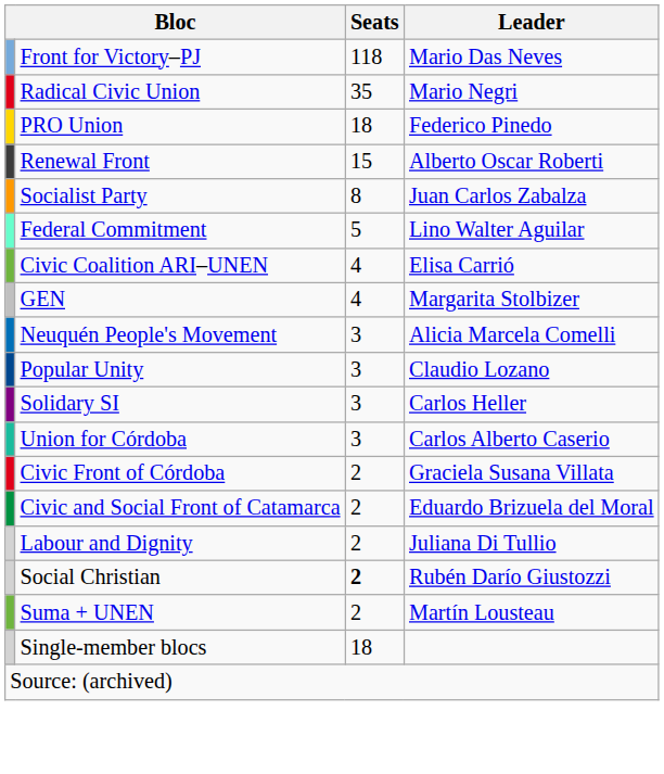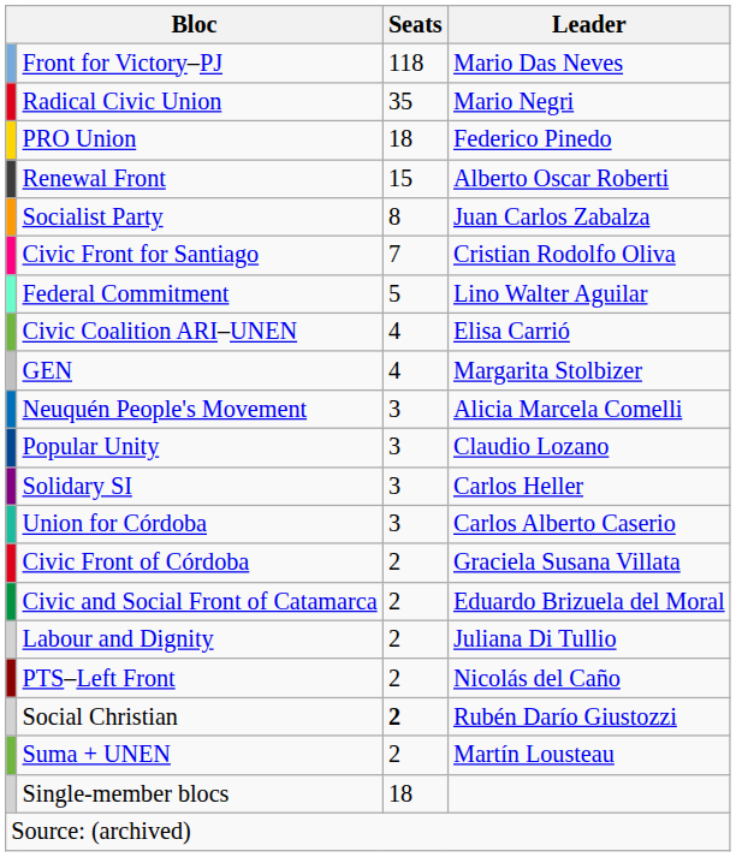 <table class="wikitable">
 <tr>
 <th colspan="2">Bloc</th>
 <th>Seats</th>
 <th>Leader</th>
 </tr>
 <tr>
 <td bgcolor="#75AADB"></td>
 <td><a href='#'>Front for Victory</a>–<a href='#'>PJ</a></td>
 <td>118</td>
 <td><a href='#'>Mario Das Neves</a></td>
 </tr>
 <tr>
 <td bgcolor="#E10019"></td>
 <td><a href='#'>Radical Civic Union</a></td>
 <td>35</td>
 <td><a href='#'>Mario Negri</a></td>
 </tr>
 <tr>
 <td bgcolor="#ffd700"></td>
 <td><a href='#'>PRO Union</a></td>
 <td>18</td>
 <td><a href='#'>Federico Pinedo</a></td>
 </tr>
 <tr>
 <td bgcolor="#3C3C3C"></td>
 <td><a href='#'>Renewal Front</a></td>
 <td>15</td>
 <td><a href='#'>Alberto Oscar Roberti</a></td>
 </tr>
 <tr>
 <td bgcolor="#FF9900"></td>
 <td><a href='#'>Socialist Party</a></td>
 <td>8</td>
 <td><a href='#'>Juan Carlos Zabalza</a></td>
+</tr>
+<tr>
+<td bgcolor="#FF0080"></td>
+<td><a href='#'>Civic Front for Santiago</a></td>
+<td>7</td>
+<td><a href='#'>Cristian Rodolfo Oliva</a></td>
 </tr>
 <tr>
 <td bgcolor="#66FFCC"></td>
 <td><a href='#'>Federal Commitment</a></td>
 <td>5</td>
 <td><a href='#'>Lino Walter Aguilar</a></td>
 </tr>
 <tr>
 <td bgcolor="#6fb53e"></td>
 <td><a href='#'>Civic Coalition ARI</a>–<a href='#'>UNEN</a></td>
 <td>4</td>
 <td><a href='#'>Elisa Carrió</a></td>
 </tr>
 <tr>
 <td bgcolor="#C0C0C0"></td>
 <td><a href='#'>GEN</a></td>
 <td>4</td>
 <td><a href='#'>Margarita Stolbizer</a></td>
 </tr>
 <tr>
 <td bgcolor="#0070b8"></td>
 <td><a href='#'>Neuquén People's Movement</a></td>
 <td>3</td>
 <td><a href='#'>Alicia Marcela Comelli</a></td>
 </tr>
 <tr>
 <td bgcolor="#00478F"></td>
 <td><a href='#'>Popular Unity</a></td>
 <td>3</td>
 <td><a href='#'>Claudio Lozano</a></td>
 </tr>
 <tr>
 <td bgcolor="purple"></td>
 <td><a href='#'>Solidary SI</a></td>
 <td>3</td>
 <td><a href='#'>Carlos Heller</a></td>
 </tr>
 <tr>
 <td bgcolor="#19bc9d"></td>
 <td><a href='#'>Union for Córdoba</a></td>
 <td>3</td>
 <td><a href='#'>Carlos Alberto Caserio</a></td>
 </tr>
 <tr>
 <td bgcolor="#E10019"></td>
 <td><a href='#'>Civic Front of Córdoba</a></td>
 <td>2</td>
 <td><a href='#'>Graciela Susana Villata</a></td>
 </tr>
 <tr>
 <td bgcolor="#009241"></td>
 <td><a href='#'>Civic and Social Front of Catamarca</a></td>
 <td>2</td>
 <td><a href='#'>Eduardo Brizuela del Moral</a></td>
 </tr>
 <tr>
 <td bgcolor="#d3d3d3"></td>
 <td><a href='#'>Labour and Dignity</a></td>
 <td>2</td>
 <td><a href='#'>Juliana Di Tullio</a></td>
 </tr>
 <tr>
+<td bgcolor="darkred"></td>
+<td><a href='#'>PTS</a>–<a href='#'>Left Front</a></td>
+<td>2</td>
+<td><a href='#'>Nicolás del Caño</a></td>
+</tr>
+<tr>
 <td bgcolor="#d3d3d3"></td>
 <td>Social Christian</td>
 <td><strong>2</strong></td>
 <td><a href='#'>Rubén Darío Giustozzi</a></td>
 </tr>
 <tr>
 <td bgcolor="#6fb53e"></td>
 <td><a href='#'>Suma + UNEN</a></td>
 <td>2</td>
 <td><a href='#'>Martín Lousteau</a></td>
 </tr>
 <tr>
 <td bgcolor="#D3D3D3"></td>
 <td>Single-member blocs</td>
 <td>18</td>
 <td></td>
 </tr>
 <tr>
 <td colspan=4>Source:  (archived)</td>
 </tr>
 </table>
